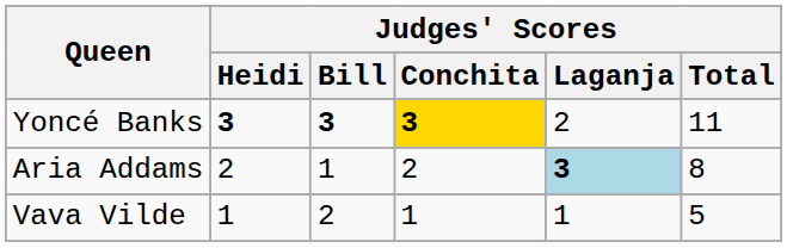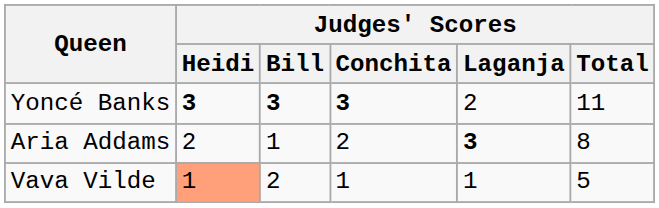 <table class="wikitable">
 <tr>
 <th rowspan="2">Queen</th>
 <th colspan="5">Judges' Scores</th>
 </tr>
 <tr>
 <th>Heidi</th>
 <th>Bill</th>
 <th>Conchita</th>
 <th>Laganja</th>
 <th>Total</th>
 </tr>
 <tr>
 <td>Yoncé Banks</td>
 <td><strong>3</strong></td>
 <td><strong>3</strong></td>
-<td style="background: gold;"><strong>3</strong></td>
+<td><strong>3</strong></td>
 <td>2</td>
 <td>11</td>
 </tr>
 <tr>
 <td>Aria Addams</td>
 <td>2</td>
 <td>1</td>
 <td>2</td>
-<td style="background: lightblue;"><strong>3</strong></td>
+<td><strong>3</strong></td>
 <td>8</td>
 </tr>
 <tr>
 <td>Vava Vilde</td>
-<td>1</td>
+<td style="background: lightsalmon;">1</td>
 <td>2</td>
 <td>1</td>
 <td>1</td>
 <td>5</td>
 </tr>
 </table>
